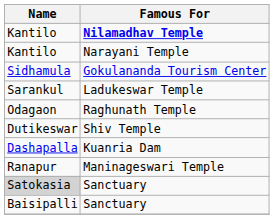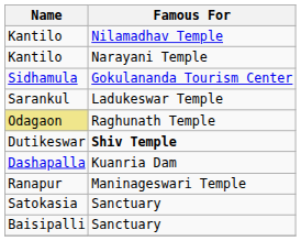 <table class="wikitable" border="1">
 <tr>
 <th>Name</th>
 <th>Famous For</th>
 </tr>
 <tr>
 <td>Kantilo</td>
-<td><strong><a href='#'>Nilamadhav Temple</a></strong></td>
+<td><a href='#'>Nilamadhav Temple</a></td>
 </tr>
 <tr>
 <td>Kantilo</td>
 <td>Narayani Temple</td>
 </tr>
 <tr>
 <td><a href='#'>Sidhamula</a></td>
 <td><a href='#'>Gokulananda Tourism Center</a></td>
 </tr>
 <tr>
 <td>Sarankul</td>
 <td>Ladukeswar Temple</td>
 </tr>
 <tr>
-<td>Odagaon</td>
+<td style="background: khaki;">Odagaon</td>
 <td>Raghunath Temple</td>
 </tr>
 <tr>
 <td>Dutikeswar</td>
-<td>Shiv Temple</td>
+<td><strong>Shiv Temple</strong></td>
 </tr>
 <tr>
 <td><a href='#'>Dashapalla</a></td>
 <td>Kuanria Dam</td>
 </tr>
 <tr>
 <td>Ranapur</td>
 <td>Maninageswari Temple</td>
 </tr>
 <tr>
-<td style="background: lightgrey;">Satokasia</td>
+<td>Satokasia</td>
 <td>Sanctuary</td>
 </tr>
 <tr>
 <td>Baisipalli</td>
 <td>Sanctuary</td>
 </tr>
 <tr>
 </tr>
 </table>
